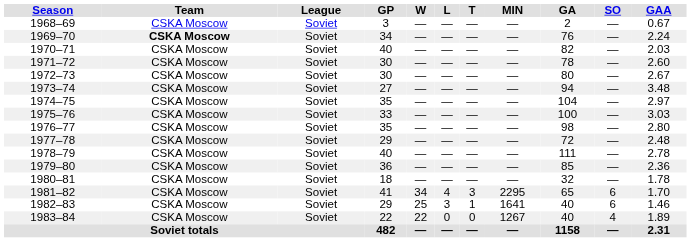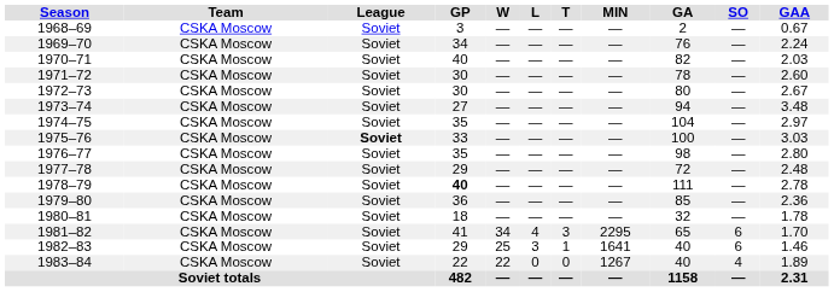 <table BORDER="0" CELLPADDING="0" CELLSPACING="0" width="75%">
 <tr bgcolor="#e0e0e0">
 <th colspan="3" bgcolor="#ffffff"></th>
 <th rowspan="99" bgcolor="#ffffff"></th>
 </tr>
 <tr bgcolor="#e0e0e0" ALIGN="center">
 <th><a href='#'>Season</a></th>
 <th>Team</th>
 <th>League</th>
 <th>GP</th>
 <th>W</th>
 <th>L</th>
 <th>T</th>
 <th>MIN</th>
 <th>GA</th>
 <th><a href='#'>SO</a></th>
 <th><a href='#'>GAA</a></th>
 </tr>
 <tr ALIGN="center">
 <td>1968–69</td>
 <td><a href='#'>CSKA Moscow</a></td>
 <td><a href='#'>Soviet</a></td>
 <td>3</td>
 <td>—</td>
 <td>—</td>
 <td>—</td>
 <td>—</td>
 <td>2</td>
 <td>—</td>
 <td>0.67</td>
 </tr>
 <tr ALIGN="center" bgcolor="#f0f0f0">
 <td>1969–70</td>
-<td><strong>CSKA Moscow</strong></td>
+<td>CSKA Moscow</td>
 <td>Soviet</td>
 <td>34</td>
 <td>—</td>
 <td>—</td>
 <td>—</td>
 <td>—</td>
 <td>76</td>
 <td>—</td>
 <td>2.24</td>
 </tr>
 <tr ALIGN="center">
 <td>1970–71</td>
 <td>CSKA Moscow</td>
 <td>Soviet</td>
 <td>40</td>
 <td>—</td>
 <td>—</td>
 <td>—</td>
 <td>—</td>
 <td>82</td>
 <td>—</td>
 <td>2.03</td>
 </tr>
 <tr ALIGN="center" bgcolor="#f0f0f0">
 <td>1971–72</td>
 <td>CSKA Moscow</td>
 <td>Soviet</td>
 <td>30</td>
 <td>—</td>
 <td>—</td>
 <td>—</td>
 <td>—</td>
 <td>78</td>
 <td>—</td>
 <td>2.60</td>
 </tr>
 <tr ALIGN="center">
 <td>1972–73</td>
 <td>CSKA Moscow</td>
 <td>Soviet</td>
 <td>30</td>
 <td>—</td>
 <td>—</td>
 <td>—</td>
 <td>—</td>
 <td>80</td>
 <td>—</td>
 <td>2.67</td>
 </tr>
 <tr ALIGN="center" bgcolor="#f0f0f0">
 <td>1973–74</td>
 <td>CSKA Moscow</td>
 <td>Soviet</td>
 <td>27</td>
 <td>—</td>
 <td>—</td>
 <td>—</td>
 <td>—</td>
 <td>94</td>
 <td>—</td>
 <td>3.48</td>
 </tr>
 <tr ALIGN="center">
 <td>1974–75</td>
 <td>CSKA Moscow</td>
 <td>Soviet</td>
 <td>35</td>
 <td>—</td>
 <td>—</td>
 <td>—</td>
 <td>—</td>
 <td>104</td>
 <td>—</td>
 <td>2.97</td>
 </tr>
 <tr ALIGN="center" bgcolor="#f0f0f0">
 <td>1975–76</td>
 <td>CSKA Moscow</td>
-<td>Soviet</td>
+<td><strong>Soviet</strong></td>
 <td>33</td>
 <td>—</td>
 <td>—</td>
 <td>—</td>
 <td>—</td>
 <td>100</td>
 <td>—</td>
 <td>3.03</td>
 </tr>
 <tr ALIGN="center">
 <td>1976–77</td>
 <td>CSKA Moscow</td>
 <td>Soviet</td>
 <td>35</td>
 <td>—</td>
 <td>—</td>
 <td>—</td>
 <td>—</td>
 <td>98</td>
 <td>—</td>
 <td>2.80</td>
 </tr>
 <tr ALIGN="center" bgcolor="#f0f0f0">
 <td>1977–78</td>
 <td>CSKA Moscow</td>
 <td>Soviet</td>
 <td>29</td>
 <td>—</td>
 <td>—</td>
 <td>—</td>
 <td>—</td>
 <td>72</td>
 <td>—</td>
 <td>2.48</td>
 </tr>
 <tr ALIGN="center">
 <td>1978–79</td>
 <td>CSKA Moscow</td>
 <td>Soviet</td>
-<td>40</td>
+<td><strong>40</strong></td>
 <td>—</td>
 <td>—</td>
 <td>—</td>
 <td>—</td>
 <td>111</td>
 <td>—</td>
 <td>2.78</td>
 </tr>
 <tr ALIGN="center" bgcolor="#f0f0f0">
 <td>1979–80</td>
 <td>CSKA Moscow</td>
 <td>Soviet</td>
 <td>36</td>
 <td>—</td>
 <td>—</td>
 <td>—</td>
 <td>—</td>
 <td>85</td>
 <td>—</td>
 <td>2.36</td>
 </tr>
 <tr ALIGN="center">
 <td>1980–81</td>
 <td>CSKA Moscow</td>
 <td>Soviet</td>
 <td>18</td>
 <td>—</td>
 <td>—</td>
 <td>—</td>
 <td>—</td>
 <td>32</td>
 <td>—</td>
 <td>1.78</td>
 </tr>
 <tr ALIGN="center" bgcolor="#f0f0f0">
 <td>1981–82</td>
 <td>CSKA Moscow</td>
 <td>Soviet</td>
 <td>41</td>
 <td>34</td>
 <td>4</td>
 <td>3</td>
 <td>2295</td>
 <td>65</td>
 <td>6</td>
 <td>1.70</td>
 </tr>
 <tr ALIGN="center">
 <td>1982–83</td>
 <td>CSKA Moscow</td>
 <td>Soviet</td>
 <td>29</td>
 <td>25</td>
 <td>3</td>
 <td>1</td>
 <td>1641</td>
 <td>40</td>
 <td>6</td>
 <td>1.46</td>
 </tr>
 <tr ALIGN="center" bgcolor="#f0f0f0">
 <td>1983–84</td>
 <td>CSKA Moscow</td>
 <td>Soviet</td>
 <td>22</td>
 <td>22</td>
 <td>0</td>
 <td>0</td>
 <td>1267</td>
 <td>40</td>
 <td>4</td>
 <td>1.89</td>
 </tr>
 <tr ALIGN="center" bgcolor="#e0e0e0">
 <th colspan="3" align="center">Soviet totals</th>
 <th>482</th>
 <th>—</th>
 <th>—</th>
 <th>—</th>
 <th>—</th>
 <th>1158</th>
 <th>—</th>
 <th>2.31</th>
 </tr>
 </table>
